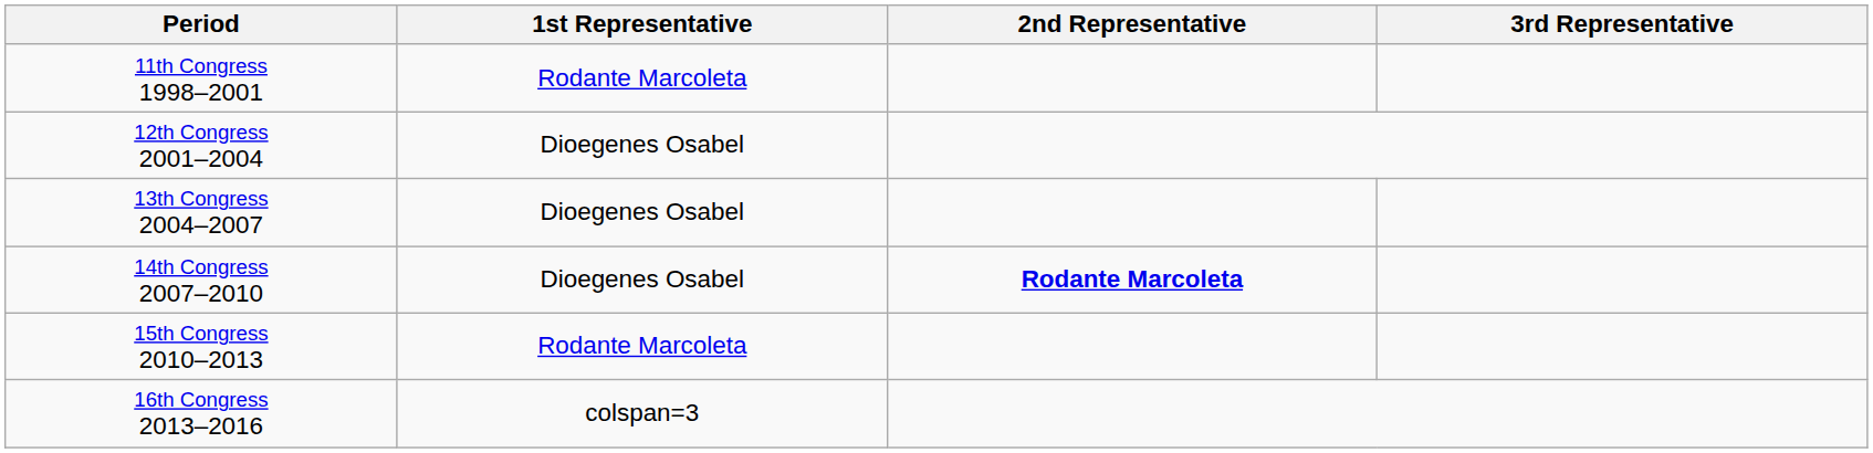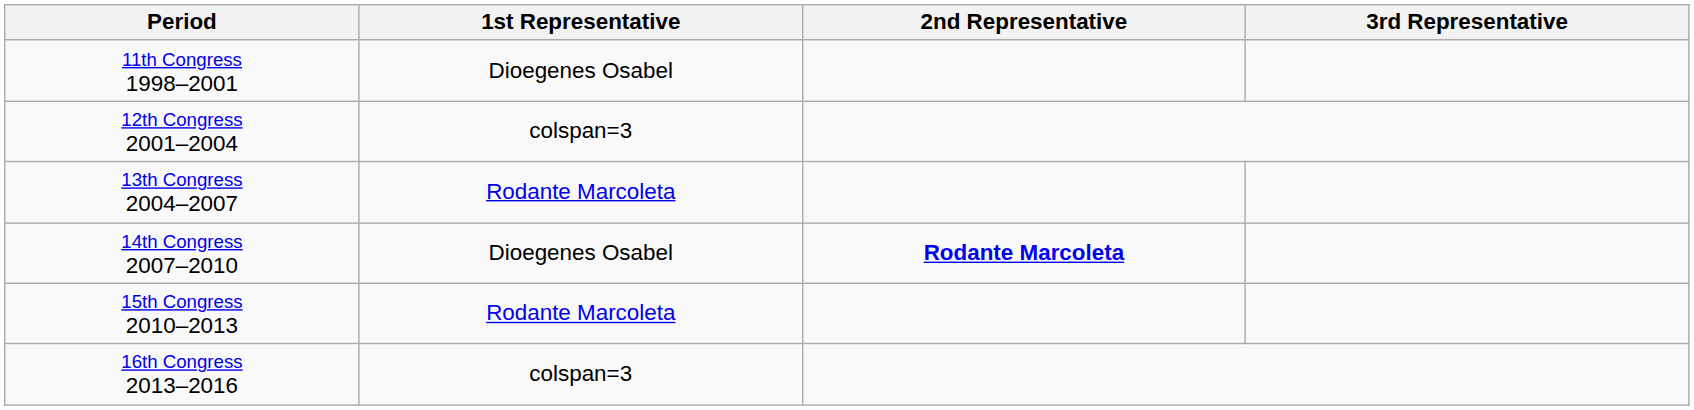 <table class="wikitable" width=76%; style="text-align:center">
 <tr>
 <th width=16%>Period</th>
 <th width=20%>1st Representative</th>
 <th width=20%>2nd Representative</th>
 <th width=20%>3rd Representative</th>
 </tr>
 <tr>
 <td><small><a href='#'>11th Congress</a></small><br>1998–2001</td>
-<td><a href='#'>Rodante Marcoleta</a></td>
+<td>Dioegenes Osabel</td>
 <td></td>
 <td></td>
 </tr>
 <tr>
 <td><small><a href='#'>12th Congress</a></small><br>2001–2004</td>
-<td>Dioegenes Osabel</td>
+<td>colspan=3</td>
 </tr>
 <tr>
 <td><small><a href='#'>13th Congress</a></small><br>2004–2007</td>
-<td>Dioegenes Osabel</td>
+<td><a href='#'>Rodante Marcoleta</a></td>
 <td></td>
 <td></td>
 </tr>
 <tr>
 <td><small><a href='#'>14th Congress</a></small><br>2007–2010</td>
 <td>Dioegenes Osabel</td>
 <td><strong><a href='#'>Rodante Marcoleta</a></strong></td>
 <td></td>
 </tr>
 <tr>
 <td><small><a href='#'>15th Congress</a></small><br>2010–2013</td>
 <td><a href='#'>Rodante Marcoleta</a></td>
 <td></td>
 <td></td>
 </tr>
 <tr>
 <td><small><a href='#'>16th Congress</a></small><br>2013–2016</td>
 <td>colspan=3</td>
 </tr>
 </table>
